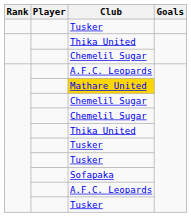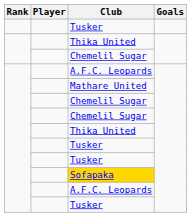 <table class="wikitable sortable">
 <tr>
 <th>Rank</th>
 <th>Player</th>
 <th>Club</th>
 <th>Goals</th>
 </tr>
 <tr>
 <td></td>
 <td> </td>
 <td><a href='#'>Tusker</a></td>
 <td></td>
 </tr>
 <tr>
 <td rowspan="2"></td>
 <td> </td>
 <td><a href='#'>Thika United</a></td>
 <td rowspan="2"></td>
 </tr>
 <tr>
 <td> </td>
 <td><a href='#'>Chemelil Sugar</a></td>
 </tr>
 <tr>
 <td rowspan="10"></td>
 <td> </td>
 <td><a href='#'>A.F.C. Leopards</a></td>
 <td rowspan="10"></td>
 </tr>
 <tr>
 <td> </td>
-<td style="background: gold;"><a href='#'>Mathare United</a></td>
+<td><a href='#'>Mathare United</a></td>
 </tr>
 <tr>
 <td> </td>
 <td><a href='#'>Chemelil Sugar</a></td>
 </tr>
 <tr>
 <td> </td>
 <td><a href='#'>Chemelil Sugar</a></td>
 </tr>
 <tr>
 <td> </td>
 <td><a href='#'>Thika United</a></td>
 </tr>
 <tr>
 <td> </td>
 <td><a href='#'>Tusker</a></td>
 </tr>
 <tr>
 <td> </td>
 <td><a href='#'>Tusker</a></td>
 </tr>
 <tr>
 <td> </td>
-<td><a href='#'>Sofapaka</a></td>
+<td style="background: gold;"><a href='#'>Sofapaka</a></td>
 </tr>
 <tr>
 <td> </td>
 <td><a href='#'>A.F.C. Leopards</a></td>
 </tr>
 <tr>
 <td> </td>
 <td><a href='#'>Tusker</a></td>
 </tr>
 </table>
